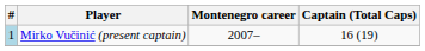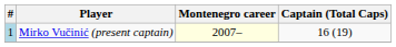 <table class="wikitable" style="text-align: center;">
 <tr>
 <th>#</th>
 <th>Player</th>
 <th>Montenegro career</th>
 <th>Captain <strong> (Total Caps)</strong></th>
 </tr>
 <tr>
 <td style="background: lightblue;">1</td>
 <td style="text-align:left;"><a href='#'>Mirko Vučinić</a><em> (present captain)</em></td>
-<td>2007–</td>
+<td style="background: lightyellow;">2007–</td>
 <td>16 (19)</td>
 </tr>
 <tr>
 </tr>
 </table>
